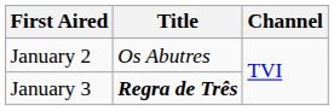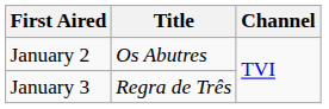 <table class="wikitable">
 <tr>
 <th>First Aired</th>
 <th>Title</th>
 <th>Channel</th>
 </tr>
 <tr>
 <td>January 2</td>
 <td><em>Os Abutres</em></td>
 <td rowspan=2><a href='#'>TVI</a></td>
 </tr>
 <tr>
 <td>January 3</td>
-<td><strong><em>Regra de Três</em></strong></td>
+<td><em>Regra de Três</em></td>
 </tr>
 </table>
